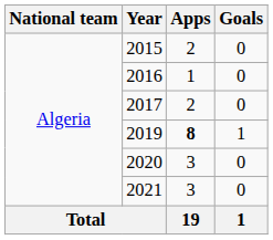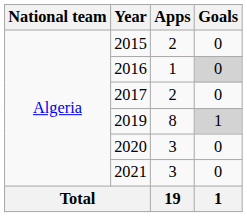 <table class="wikitable" style="text-align: center;">
 <tr>
 <th>National team</th>
 <th>Year</th>
 <th>Apps</th>
 <th>Goals</th>
 </tr>
 <tr>
 <td rowspan="6"><a href='#'>Algeria</a></td>
 <td>2015</td>
 <td>2</td>
 <td>0</td>
 </tr>
 <tr>
 <td>2016</td>
 <td>1</td>
-<td>0</td>
+<td style="background: lightgrey;">0</td>
 </tr>
 <tr>
 <td>2017</td>
 <td>2</td>
 <td>0</td>
 </tr>
 <tr>
 <td>2019</td>
-<td><strong>8</strong></td>
-<td>1</td>
+<td>8</td>
+<td style="background: lightgrey;">1</td>
 </tr>
 <tr>
 <td>2020</td>
 <td>3</td>
 <td>0</td>
 </tr>
 <tr>
 <td>2021</td>
 <td>3</td>
 <td>0</td>
 </tr>
 <tr>
 <th colspan="2">Total</th>
 <th>19</th>
 <th>1</th>
 </tr>
 </table>
